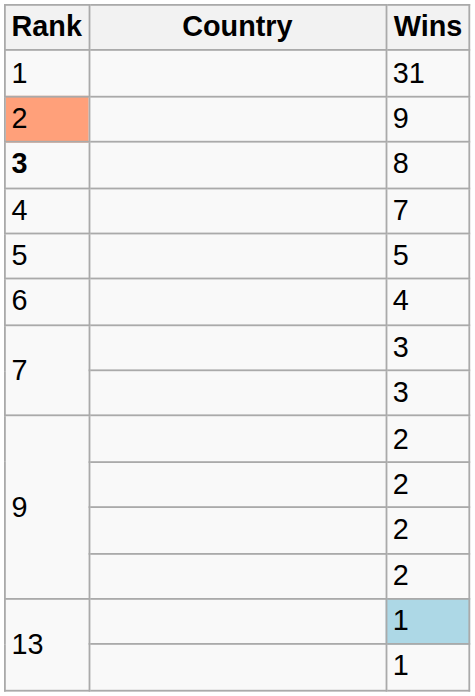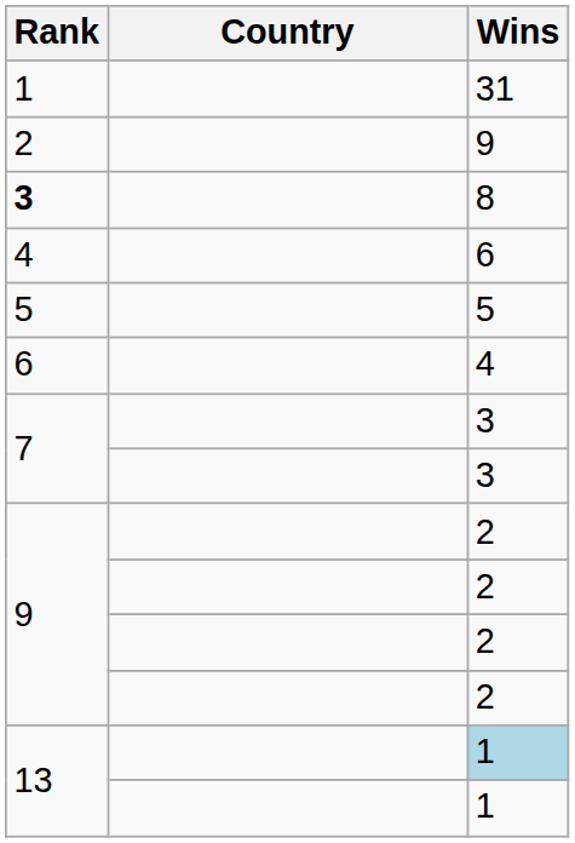 <table class="wikitable">
 <tr>
 <th style="width:18%;">Rank</th>
 <th style="width:64%;">Country</th>
 <th style="width:18%;">Wins</th>
 </tr>
 <tr>
 <td>1</td>
 <td></td>
 <td>31</td>
 </tr>
 <tr>
-<td style="background: lightsalmon;">2</td>
+<td>2</td>
 <td></td>
 <td>9</td>
 </tr>
 <tr>
 <td><strong>3</strong></td>
 <td></td>
 <td>8</td>
 </tr>
 <tr>
 <td>4</td>
 <td></td>
-<td>7</td>
+<td>6</td>
 </tr>
 <tr>
 <td>5</td>
 <td></td>
 <td>5</td>
 </tr>
 <tr>
 <td>6</td>
 <td></td>
 <td>4</td>
 </tr>
 <tr>
 <td rowspan=2>7</td>
 <td></td>
 <td>3</td>
 </tr>
 <tr>
 <td></td>
 <td>3</td>
 </tr>
 <tr>
 <td rowspan=4>9</td>
 <td></td>
 <td>2</td>
 </tr>
 <tr>
 <td></td>
 <td>2</td>
 </tr>
 <tr>
 <td></td>
 <td>2</td>
 </tr>
 <tr>
 <td></td>
 <td>2</td>
 </tr>
 <tr>
 <td rowspan=2>13</td>
 <td></td>
 <td style="background: lightblue;">1</td>
 </tr>
 <tr>
 <td></td>
 <td>1</td>
 </tr>
 </table>
